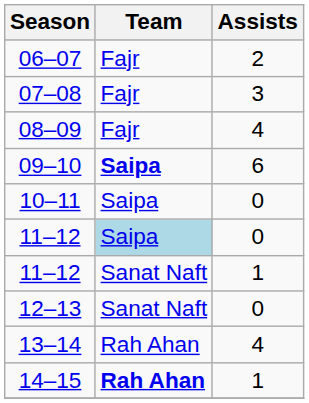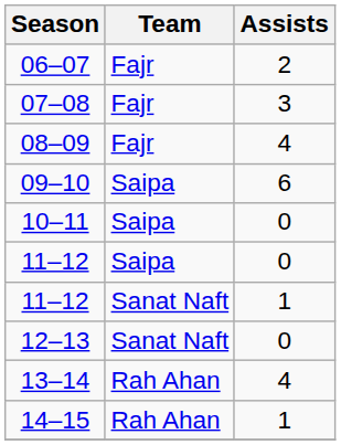 <table class="wikitable" style="text-align: center;">
 <tr>
 <th>Season</th>
 <th>Team</th>
 <th>Assists</th>
 </tr>
 <tr>
 <td><a href='#'>06–07</a></td>
 <td align="left"><a href='#'>Fajr</a></td>
 <td>2</td>
 </tr>
 <tr>
 <td><a href='#'>07–08</a></td>
 <td align="left"><a href='#'>Fajr</a></td>
 <td>3</td>
 </tr>
 <tr>
 <td><a href='#'>08–09</a></td>
 <td align="left"><a href='#'>Fajr</a></td>
 <td>4</td>
 </tr>
 <tr>
 <td><a href='#'>09–10</a></td>
-<td align="left"><strong><a href='#'>Saipa</a></strong></td>
+<td align="left"><a href='#'>Saipa</a></td>
 <td>6</td>
 </tr>
 <tr>
 <td><a href='#'>10–11</a></td>
 <td align="left"><a href='#'>Saipa</a></td>
 <td>0</td>
 </tr>
 <tr>
 <td><a href='#'>11–12</a></td>
-<td align="left" style="background: lightblue;"><a href='#'>Saipa</a></td>
+<td align="left"><a href='#'>Saipa</a></td>
 <td>0</td>
 </tr>
 <tr>
 <td><a href='#'>11–12</a></td>
 <td align="left"><a href='#'>Sanat Naft</a></td>
 <td>1</td>
 </tr>
 <tr>
 <td><a href='#'>12–13</a></td>
 <td align="left"><a href='#'>Sanat Naft</a></td>
 <td>0</td>
 </tr>
 <tr>
 <td><a href='#'>13–14</a></td>
 <td align="left"><a href='#'>Rah Ahan</a></td>
 <td>4</td>
 </tr>
 <tr>
 <td><a href='#'>14–15</a></td>
-<td align="left"><strong><a href='#'>Rah Ahan</a></strong></td>
+<td align="left"><a href='#'>Rah Ahan</a></td>
 <td>1</td>
 </tr>
 <tr>
 </tr>
 </table>
